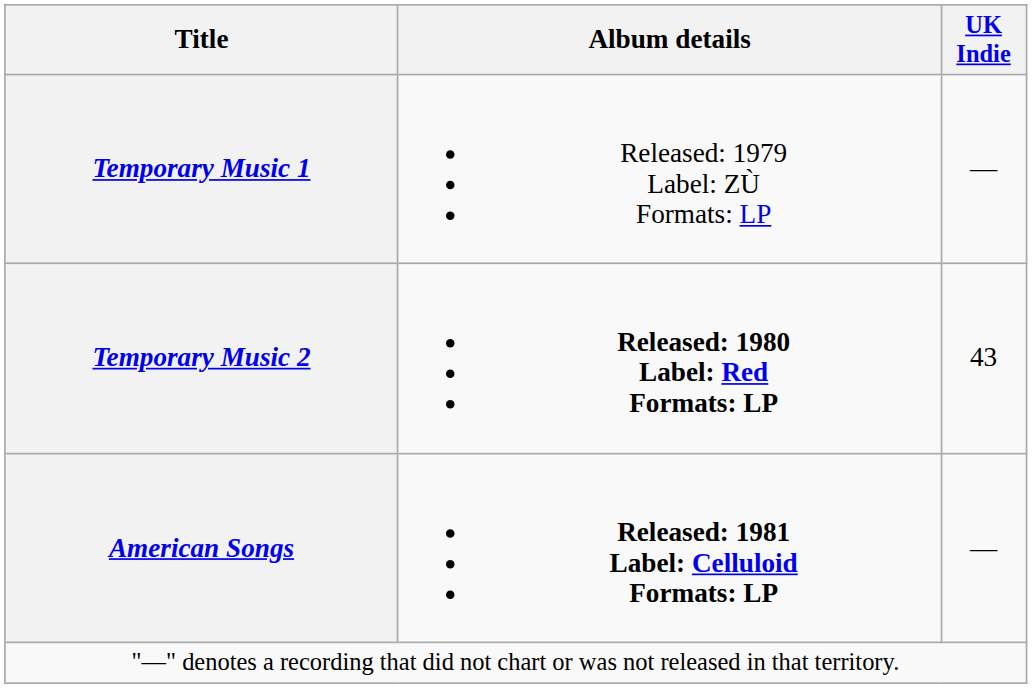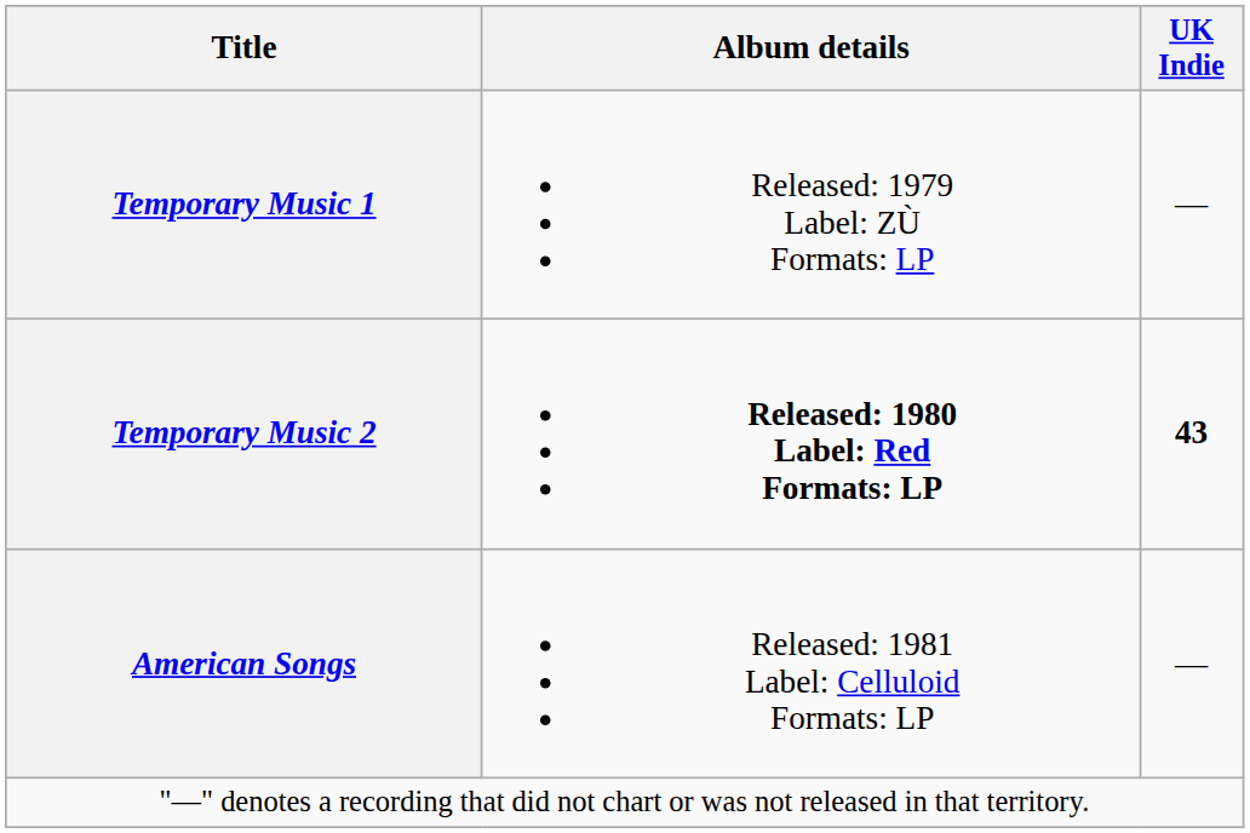 <table class="wikitable plainrowheaders" style="text-align:center;">
 <tr>
 <th scope="col" rowspan="1" style="width:14em;">Title</th>
 <th scope="col" rowspan="1" style="width:19.5em;">Album details</th>
 <th scope="col" rowspan="1" style="width:3em;font-size:90%;"><a href='#'>UK Indie</a><br></th>
 </tr>
 <tr>
 <th scope="row"><em><a href='#'>Temporary Music 1</a></em></th>
 <td><br><ul><li>Released: 1979</li><li>Label: ZÙ</li><li>Formats: <a href='#'>LP</a></li></ul></td>
 <td>—</td>
 </tr>
 <tr>
 <th scope="row"><em><a href='#'>Temporary Music 2</a></em></th>
 <td><strong><br><ul><li>Released: 1980</li><li>Label: <a href='#'>Red</a></li><li>Formats: LP</li></ul></strong></td>
-<td>43</td>
+<td><strong>43</strong></td>
 </tr>
 <tr>
 <th scope="row"><em><a href='#'>American Songs</a></em></th>
-<td><strong><br><ul><li>Released: 1981</li><li>Label: <a href='#'>Celluloid</a></li><li>Formats: LP</li></ul></strong></td>
+<td><br><ul><li>Released: 1981</li><li>Label: <a href='#'>Celluloid</a></li><li>Formats: LP</li></ul></td>
 <td>—</td>
 </tr>
 <tr>
 <td colspan="6" style="font-size:90%">"—" denotes a recording that did not chart or was not released in that territory.</td>
 </tr>
 </table>
